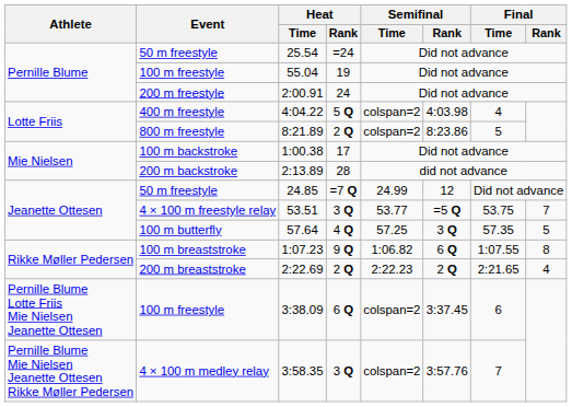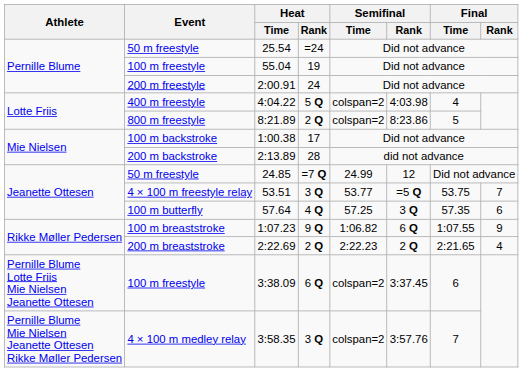 <table class=wikitable style="font-size:90%">
 <tr>
 <th rowspan="2">Athlete</th>
 <th rowspan="2">Event</th>
 <th colspan="2">Heat</th>
 <th colspan="2">Semifinal</th>
 <th colspan="2">Final</th>
 </tr>
 <tr style="font-size:95%">
 <th>Time</th>
 <th>Rank</th>
 <th>Time</th>
 <th>Rank</th>
 <th>Time</th>
 <th>Rank</th>
 </tr>
 <tr align=center>
 <td align=left rowspan=3><a href='#'>Pernille Blume</a></td>
 <td align=left><a href='#'>50 m freestyle</a></td>
 <td>25.54</td>
 <td>=24</td>
 <td colspan=4>Did not advance</td>
 </tr>
 <tr align=center>
 <td align=left><a href='#'>100 m freestyle</a></td>
 <td>55.04</td>
 <td>19</td>
 <td colspan=4>Did not advance</td>
 </tr>
 <tr align=center>
 <td align=left><a href='#'>200 m freestyle</a></td>
 <td>2:00.91</td>
 <td>24</td>
 <td colspan=4>Did not advance</td>
 </tr>
 <tr align=center>
 <td align=left rowspan=2><a href='#'>Lotte Friis</a></td>
 <td align=left><a href='#'>400 m freestyle</a></td>
 <td>4:04.22</td>
 <td>5 <strong>Q</strong></td>
 <td>colspan=2 </td>
 <td>4:03.98</td>
 <td>4</td>
 </tr>
 <tr align=center>
 <td align=left><a href='#'>800 m freestyle</a></td>
 <td>8:21.89</td>
 <td>2 <strong>Q</strong></td>
 <td>colspan=2 </td>
 <td>8:23.86</td>
 <td>5</td>
 </tr>
 <tr align=center>
 <td align=left rowspan=2><a href='#'>Mie Nielsen</a></td>
 <td align=left><a href='#'>100 m backstroke</a></td>
 <td>1:00.38</td>
 <td>17</td>
 <td colspan=4>Did not advance</td>
 </tr>
 <tr align=center>
 <td align=left><a href='#'>200 m backstroke</a></td>
 <td>2:13.89</td>
 <td>28</td>
 <td colspan=4>did not advance</td>
 </tr>
 <tr align=center>
 <td align=left rowspan=3><a href='#'>Jeanette Ottesen</a></td>
 <td align=left><a href='#'>50 m freestyle</a></td>
 <td>24.85</td>
 <td>=7 <strong>Q</strong></td>
 <td>24.99</td>
 <td>12</td>
 <td colspan=2>Did not advance</td>
 </tr>
 <tr align=center>
 <td align=left><a href='#'>4 × 100 m freestyle relay</a></td>
 <td>53.51</td>
 <td>3 <strong>Q</strong></td>
 <td>53.77</td>
 <td>=5 <strong>Q</strong></td>
 <td>53.75</td>
 <td>7</td>
 </tr>
 <tr align=center>
 <td align=left><a href='#'>100 m butterfly</a></td>
 <td>57.64</td>
 <td>4 <strong>Q</strong></td>
 <td>57.25</td>
 <td>3 <strong>Q</strong></td>
 <td>57.35</td>
-<td>5</td>
+<td>6</td>
 </tr>
 <tr align=center>
 <td align=left rowspan=2><a href='#'>Rikke Møller Pedersen</a></td>
 <td align=left><a href='#'>100 m breaststroke</a></td>
 <td>1:07.23</td>
 <td>9 <strong>Q</strong></td>
 <td>1:06.82</td>
 <td>6 <strong>Q</strong></td>
 <td>1:07.55</td>
-<td>8</td>
+<td>9</td>
 </tr>
 <tr align=center>
 <td align=left><a href='#'>200 m breaststroke</a></td>
 <td>2:22.69</td>
 <td>2 <strong>Q</strong></td>
 <td>2:22.23</td>
 <td>2 <strong>Q</strong></td>
 <td>2:21.65</td>
 <td>4</td>
 </tr>
 <tr align=center>
 <td align=left><a href='#'>Pernille Blume</a><br><a href='#'>Lotte Friis</a><br><a href='#'>Mie Nielsen</a><br><a href='#'>Jeanette Ottesen</a></td>
 <td align=left><a href='#'>100 m freestyle</a></td>
 <td>3:38.09</td>
 <td>6 <strong>Q</strong></td>
 <td>colspan=2 </td>
 <td>3:37.45</td>
 <td>6</td>
 </tr>
 <tr align=center>
 <td align=left><a href='#'>Pernille Blume</a><br><a href='#'>Mie Nielsen</a><br><a href='#'>Jeanette Ottesen</a><br><a href='#'>Rikke Møller Pedersen</a></td>
 <td align=left><a href='#'>4 × 100 m medley relay</a></td>
 <td>3:58.35</td>
 <td>3 <strong>Q</strong></td>
 <td>colspan=2 </td>
 <td>3:57.76</td>
 <td>7</td>
 </tr>
 </table>
